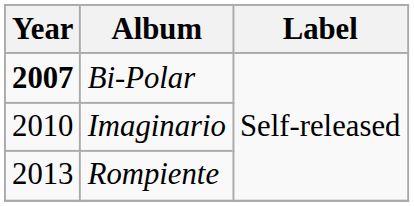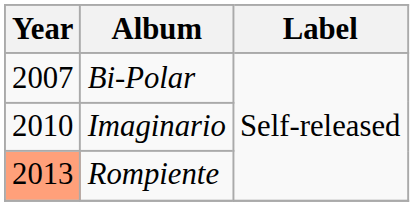 <table class="wikitable">
 <tr>
 <th>Year</th>
 <th>Album</th>
 <th>Label</th>
 </tr>
 <tr>
-<td><strong>2007</strong></td>
+<td>2007</td>
 <td><em>Bi-Polar</em></td>
 <td rowspan="3">Self-released</td>
 </tr>
 <tr>
 <td>2010</td>
 <td><em>Imaginario</em></td>
 </tr>
 <tr>
-<td>2013</td>
+<td style="background: lightsalmon;">2013</td>
 <td><em>Rompiente</em></td>
 </tr>
 <tr>
 </tr>
 </table>
